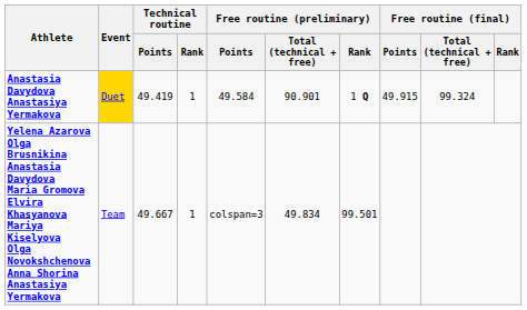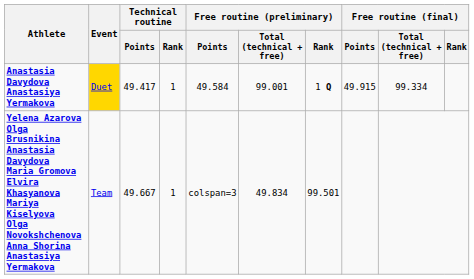 <table class="wikitable" style="font-size:90%">
 <tr>
 <th rowspan="2">Athlete</th>
 <th rowspan="2">Event</th>
 <th colspan=2>Technical routine</th>
 <th colspan=3>Free routine (preliminary)</th>
 <th colspan=3>Free routine (final)</th>
 </tr>
 <tr style="font-size:95%">
 <th>Points</th>
 <th>Rank</th>
 <th>Points</th>
 <th>Total (technical + free)</th>
 <th>Rank</th>
 <th>Points</th>
 <th>Total (technical + free)</th>
 <th>Rank</th>
 </tr>
 <tr align=center>
 <td align=left><strong><a href='#'>Anastasia Davydova</a><br><a href='#'>Anastasiya Yermakova</a></strong></td>
 <td align=left style="background: gold;"><a href='#'>Duet</a></td>
-<td>49.419</td>
+<td>49.417</td>
 <td>1</td>
 <td>49.584</td>
-<td>90.901</td>
+<td>99.001</td>
 <td>1 <strong>Q</strong></td>
 <td>49.915</td>
-<td>99.324</td>
+<td>99.334</td>
 <td></td>
 </tr>
 <tr align=center>
 <td align=left><strong><a href='#'>Yelena Azarova</a><br><a href='#'>Olga Brusnikina</a><br><a href='#'>Anastasia Davydova</a><br><a href='#'>Maria Gromova</a><br><a href='#'>Elvira Khasyanova</a><br><a href='#'>Mariya Kiselyova</a><br><a href='#'>Olga Novokshchenova</a><br><a href='#'>Anna Shorina</a><br><a href='#'>Anastasiya Yermakova</a></strong></td>
 <td align=left><a href='#'>Team</a></td>
 <td>49.667</td>
 <td>1</td>
 <td>colspan=3 </td>
 <td>49.834</td>
 <td>99.501</td>
 <td></td>
 </tr>
 </table>
